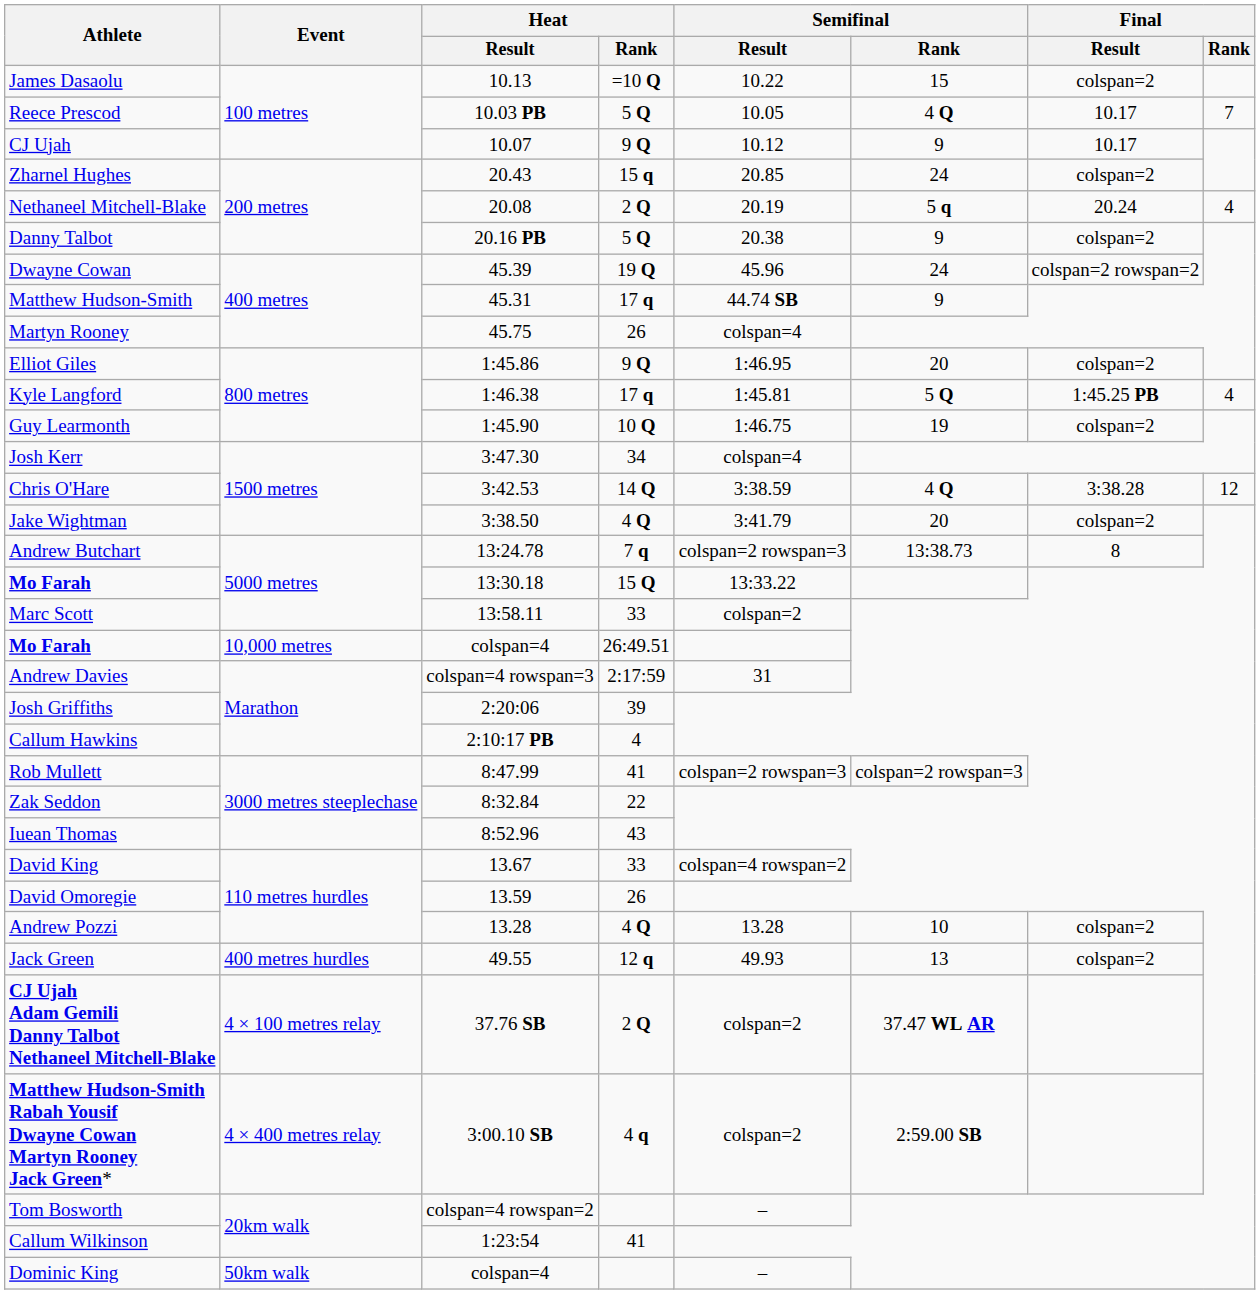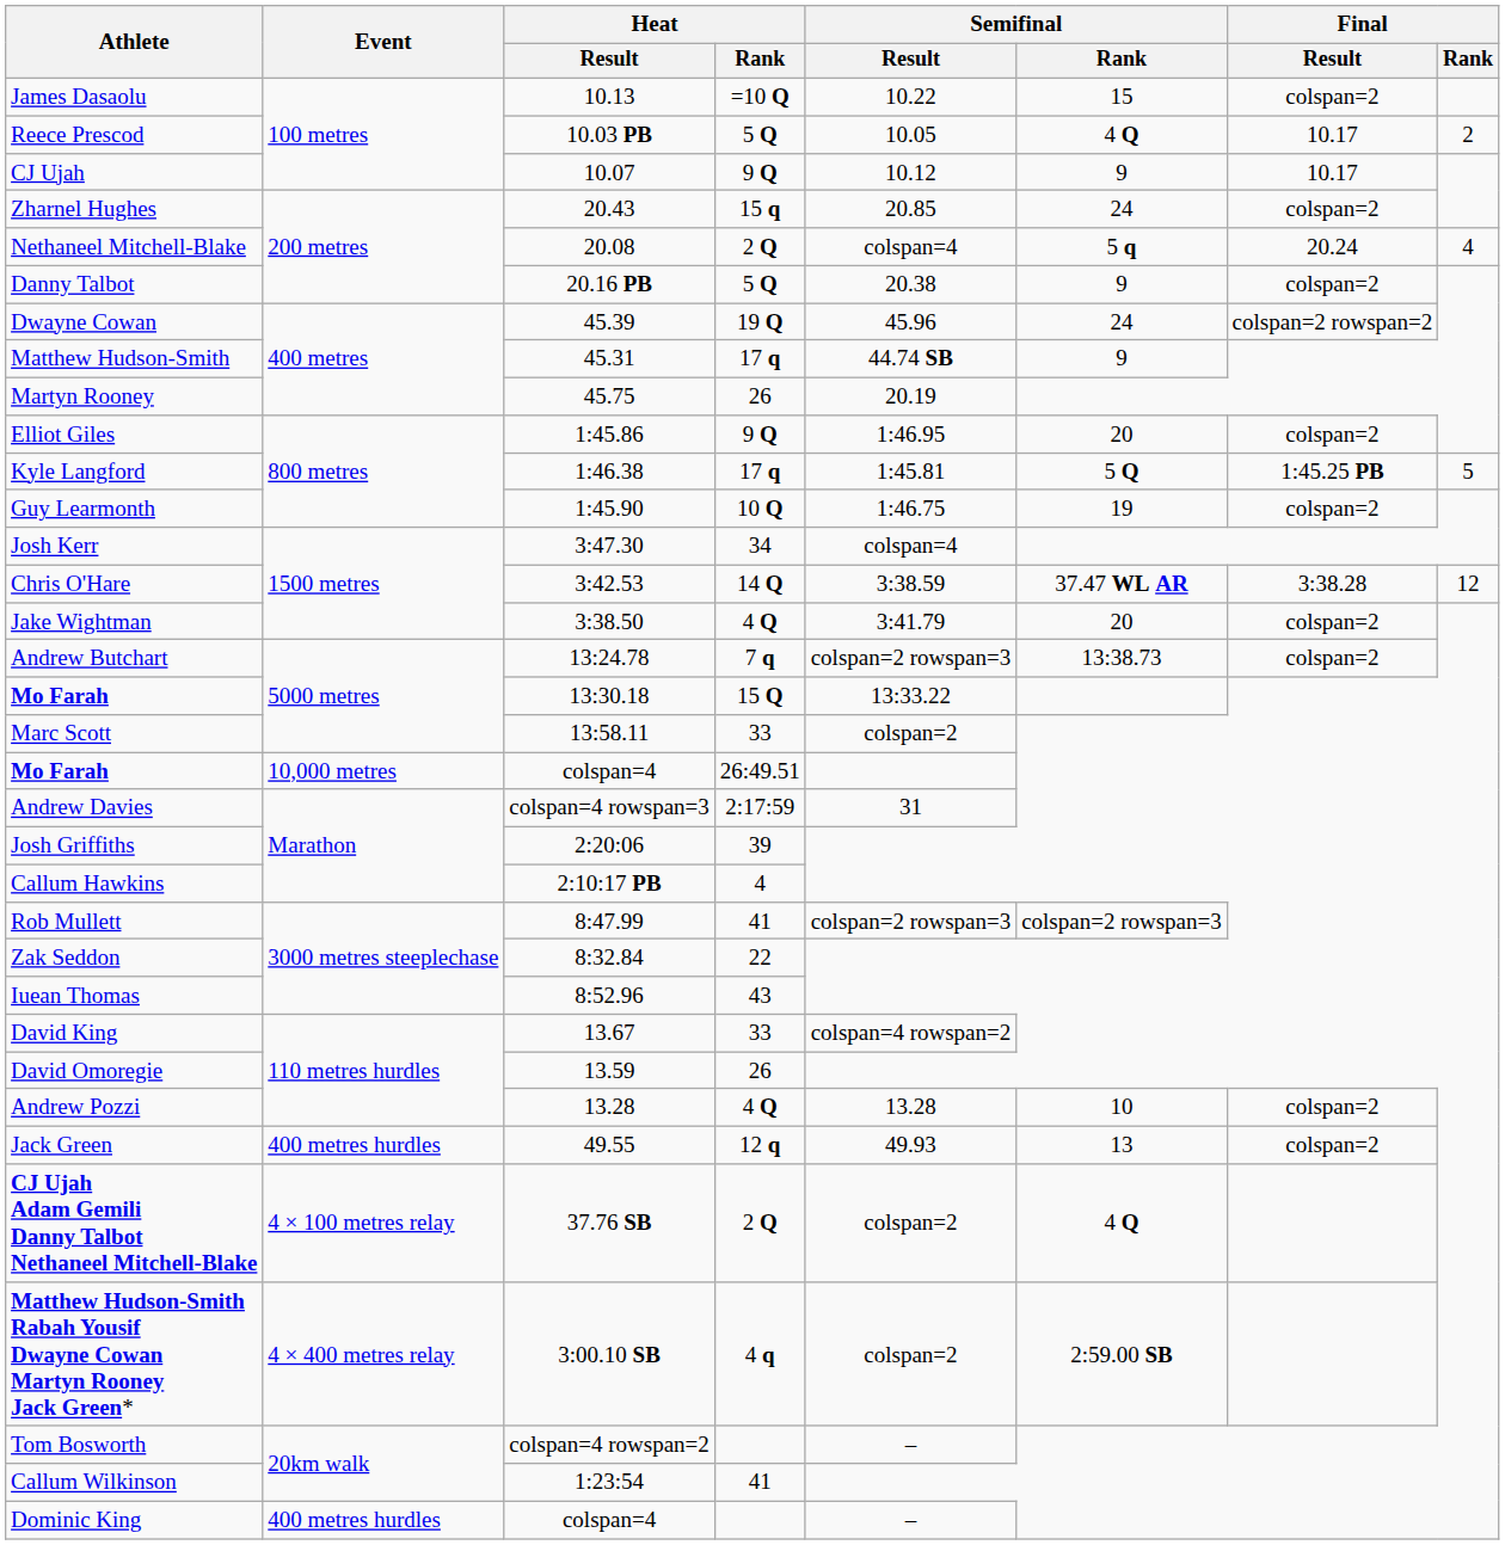 <table class="wikitable" style="font-size:90%">
 <tr>
 <th rowspan="2">Athlete</th>
 <th rowspan="2">Event</th>
 <th colspan="2">Heat</th>
 <th colspan="2">Semifinal</th>
 <th colspan="2">Final</th>
 </tr>
 <tr style="font-size:95%">
 <th>Result</th>
 <th>Rank</th>
 <th>Result</th>
 <th>Rank</th>
 <th>Result</th>
 <th>Rank</th>
 </tr>
 <tr style=text-align:center>
 <td style=text-align:left><a href='#'>James Dasaolu</a></td>
 <td style=text-align:left rowspan=3><a href='#'>100 metres</a></td>
 <td>10.13</td>
 <td>=10 <strong>Q</strong></td>
 <td>10.22</td>
 <td>15</td>
 <td>colspan=2 </td>
 </tr>
 <tr style=text-align:center>
 <td style=text-align:left><a href='#'>Reece Prescod</a></td>
 <td>10.03 <strong>PB</strong></td>
 <td>5 <strong>Q</strong></td>
 <td>10.05</td>
 <td>4 <strong>Q</strong></td>
 <td>10.17</td>
-<td>7</td>
+<td>2</td>
 </tr>
 <tr style=text-align:center>
 <td style=text-align:left><a href='#'>CJ Ujah</a></td>
 <td>10.07</td>
 <td>9 <strong>Q</strong></td>
 <td>10.12</td>
 <td>9</td>
 <td>10.17</td>
 </tr>
 <tr style=text-align:center>
 <td style=text-align:left><a href='#'>Zharnel Hughes</a></td>
 <td style=text-align:left rowspan=3><a href='#'>200 metres</a></td>
 <td>20.43</td>
 <td>15 <strong>q</strong></td>
 <td>20.85</td>
 <td>24</td>
 <td>colspan=2 </td>
 </tr>
 <tr style=text-align:center>
 <td style=text-align:left><a href='#'>Nethaneel Mitchell-Blake</a></td>
 <td>20.08</td>
 <td>2 <strong>Q</strong></td>
-<td>20.19</td>
+<td>colspan=4 </td>
 <td>5 <strong>q</strong></td>
 <td>20.24</td>
 <td>4</td>
 </tr>
 <tr style=text-align:center>
 <td style=text-align:left><a href='#'>Danny Talbot</a></td>
 <td>20.16 <strong>PB</strong></td>
 <td>5 <strong>Q</strong></td>
 <td>20.38</td>
 <td>9</td>
 <td>colspan=2 </td>
 </tr>
 <tr style=text-align:center>
 <td style=text-align:left><a href='#'>Dwayne Cowan</a></td>
 <td style=text-align:left rowspan=3><a href='#'>400 metres</a></td>
 <td>45.39</td>
 <td>19 <strong>Q</strong></td>
 <td>45.96</td>
 <td>24</td>
 <td>colspan=2 rowspan=2 </td>
 </tr>
 <tr style=text-align:center>
 <td style=text-align:left><a href='#'>Matthew Hudson-Smith</a></td>
 <td>45.31</td>
 <td>17 <strong>q</strong></td>
 <td>44.74 <strong>SB</strong></td>
 <td>9</td>
 </tr>
 <tr style=text-align:center>
 <td style=text-align:left><a href='#'>Martyn Rooney</a></td>
 <td>45.75</td>
 <td>26</td>
-<td>colspan=4 </td>
+<td>20.19</td>
 </tr>
 <tr style=text-align:center>
 <td style=text-align:left><a href='#'>Elliot Giles</a></td>
 <td style=text-align:left rowspan=3><a href='#'>800 metres</a></td>
 <td>1:45.86</td>
 <td>9 <strong>Q</strong></td>
 <td>1:46.95</td>
 <td>20</td>
 <td>colspan=2 </td>
 </tr>
 <tr style=text-align:center>
 <td style=text-align:left><a href='#'>Kyle Langford</a></td>
 <td>1:46.38</td>
 <td>17 <strong>q</strong></td>
 <td>1:45.81</td>
 <td>5 <strong>Q</strong></td>
 <td>1:45.25 <strong>PB</strong></td>
-<td>4</td>
+<td>5</td>
 </tr>
 <tr style=text-align:center>
 <td style=text-align:left><a href='#'>Guy Learmonth</a></td>
 <td>1:45.90</td>
 <td>10 <strong>Q</strong></td>
 <td>1:46.75</td>
 <td>19</td>
 <td>colspan=2 </td>
 </tr>
 <tr style=text-align:center>
 <td style=text-align:left><a href='#'>Josh Kerr</a></td>
 <td style=text-align:left rowspan=3><a href='#'>1500 metres</a></td>
 <td>3:47.30</td>
 <td>34</td>
 <td>colspan=4 </td>
 </tr>
 <tr style=text-align:center>
 <td style=text-align:left><a href='#'>Chris O'Hare</a></td>
 <td>3:42.53</td>
 <td>14 <strong>Q</strong></td>
 <td>3:38.59</td>
-<td>4 <strong>Q</strong></td>
+<td>37.47  <strong>WL</strong> <strong><a href='#'>AR</a></strong></td>
 <td>3:38.28</td>
 <td>12</td>
 </tr>
 <tr style=text-align:center>
 <td style=text-align:left><a href='#'>Jake Wightman</a></td>
 <td>3:38.50</td>
 <td>4 <strong>Q</strong></td>
 <td>3:41.79</td>
 <td>20</td>
 <td>colspan=2 </td>
 </tr>
 <tr style=text-align:center>
 <td style=text-align:left><a href='#'>Andrew Butchart</a></td>
 <td style=text-align:left rowspan=3><a href='#'>5000 metres</a></td>
 <td>13:24.78</td>
 <td>7 <strong>q</strong></td>
 <td>colspan=2 rowspan=3</td>
 <td>13:38.73</td>
-<td>8</td>
+<td>colspan=2 </td>
 </tr>
 <tr style=text-align:center>
 <td style=text-align:left><strong><a href='#'>Mo Farah</a></strong></td>
 <td>13:30.18</td>
 <td>15 <strong>Q</strong></td>
 <td>13:33.22</td>
 <td></td>
 </tr>
 <tr style=text-align:center>
 <td style=text-align:left><a href='#'>Marc Scott</a></td>
 <td>13:58.11</td>
 <td>33</td>
 <td>colspan=2 </td>
 </tr>
 <tr style=text-align:center>
 <td style=text-align:left><strong><a href='#'>Mo Farah</a></strong></td>
 <td style=text-align:left><a href='#'>10,000 metres</a></td>
 <td>colspan=4 </td>
 <td>26:49.51</td>
 <td></td>
 </tr>
 <tr style=text-align:center>
 <td style=text-align:left><a href='#'>Andrew Davies</a></td>
 <td style=text-align:left rowspan=3><a href='#'>Marathon</a></td>
 <td>colspan=4 rowspan=3</td>
 <td>2:17:59</td>
 <td>31</td>
 </tr>
 <tr style=text-align:center>
 <td style=text-align:left><a href='#'>Josh Griffiths</a></td>
 <td>2:20:06</td>
 <td>39</td>
 </tr>
 <tr style=text-align:center>
 <td style=text-align:left><a href='#'>Callum Hawkins</a></td>
 <td>2:10:17 <strong>PB</strong></td>
 <td>4</td>
 </tr>
 <tr style=text-align:center>
 <td style=text-align:left><a href='#'>Rob Mullett</a></td>
 <td style=text-align:left rowspan=3><a href='#'>3000 metres steeplechase</a></td>
 <td>8:47.99</td>
 <td>41</td>
 <td>colspan=2 rowspan=3 </td>
 <td>colspan=2 rowspan=3 </td>
 </tr>
 <tr style=text-align:center>
 <td style=text-align:left><a href='#'>Zak Seddon</a></td>
 <td>8:32.84</td>
 <td>22</td>
 </tr>
 <tr style=text-align:center>
 <td style=text-align:left><a href='#'>Iuean Thomas</a></td>
 <td>8:52.96</td>
 <td>43</td>
 </tr>
 <tr style=text-align:center>
 <td style=text-align:left><a href='#'>David King</a></td>
 <td style=text-align:left rowspan=3><a href='#'>110 metres hurdles</a></td>
 <td>13.67</td>
 <td>33</td>
 <td>colspan=4 rowspan=2 </td>
 </tr>
 <tr style=text-align:center>
 <td style=text-align:left><a href='#'>David Omoregie</a></td>
 <td>13.59</td>
 <td>26</td>
 </tr>
 <tr style=text-align:center>
 <td style=text-align:left><a href='#'>Andrew Pozzi</a></td>
 <td>13.28</td>
 <td>4 <strong>Q</strong></td>
 <td>13.28</td>
 <td>10</td>
 <td>colspan=2 </td>
 </tr>
 <tr style=text-align:center>
 <td style=text-align:left><a href='#'>Jack Green</a></td>
 <td style=text-align:left><a href='#'>400 metres hurdles</a></td>
 <td>49.55</td>
 <td>12 <strong>q</strong></td>
 <td>49.93</td>
 <td>13</td>
 <td>colspan=2 </td>
 </tr>
 <tr style=text-align:center>
 <td style=text-align:left><strong><a href='#'>CJ Ujah</a></strong><br><strong><a href='#'>Adam Gemili</a></strong><br><strong><a href='#'>Danny Talbot</a></strong><br><strong><a href='#'>Nethaneel Mitchell-Blake</a></strong></td>
 <td style=text-align:left><a href='#'>4 × 100 metres relay</a></td>
 <td>37.76 <strong>SB</strong></td>
 <td>2 <strong>Q</strong></td>
 <td>colspan=2 </td>
-<td>37.47  <strong>WL</strong> <strong><a href='#'>AR</a></strong></td>
+<td>4 <strong>Q</strong></td>
 <td></td>
 </tr>
 <tr style=text-align:center>
 <td style=text-align:left><strong><a href='#'>Matthew Hudson-Smith</a></strong><br><strong><a href='#'>Rabah Yousif</a></strong><br><strong><a href='#'>Dwayne Cowan</a></strong><br><strong><a href='#'>Martyn Rooney</a></strong><br><strong><a href='#'>Jack Green</a></strong>*<br></td>
 <td style=text-align:left><a href='#'>4 × 400 metres relay</a></td>
 <td>3:00.10 <strong>SB</strong></td>
 <td>4 <strong>q</strong></td>
 <td>colspan=2 </td>
 <td>2:59.00 <strong>SB</strong></td>
 <td></td>
 </tr>
 <tr style=text-align:center>
 <td style=text-align:left><a href='#'>Tom Bosworth</a></td>
 <td style=text-align:left rowspan=2><a href='#'>20km walk</a></td>
 <td>colspan=4 rowspan=2 </td>
 <td></td>
 <td>–</td>
 </tr>
 <tr style=text-align:center>
 <td style=text-align:left><a href='#'>Callum Wilkinson</a></td>
 <td>1:23:54</td>
 <td>41</td>
 </tr>
 <tr style=text-align:center>
 <td style=text-align:left><a href='#'>Dominic King</a></td>
-<td style=text-align:left><a href='#'>50km walk</a></td>
+<td style=text-align:left><a href='#'>400 metres hurdles</a></td>
 <td>colspan=4 </td>
 <td></td>
 <td>–</td>
 </tr>
 </table>
